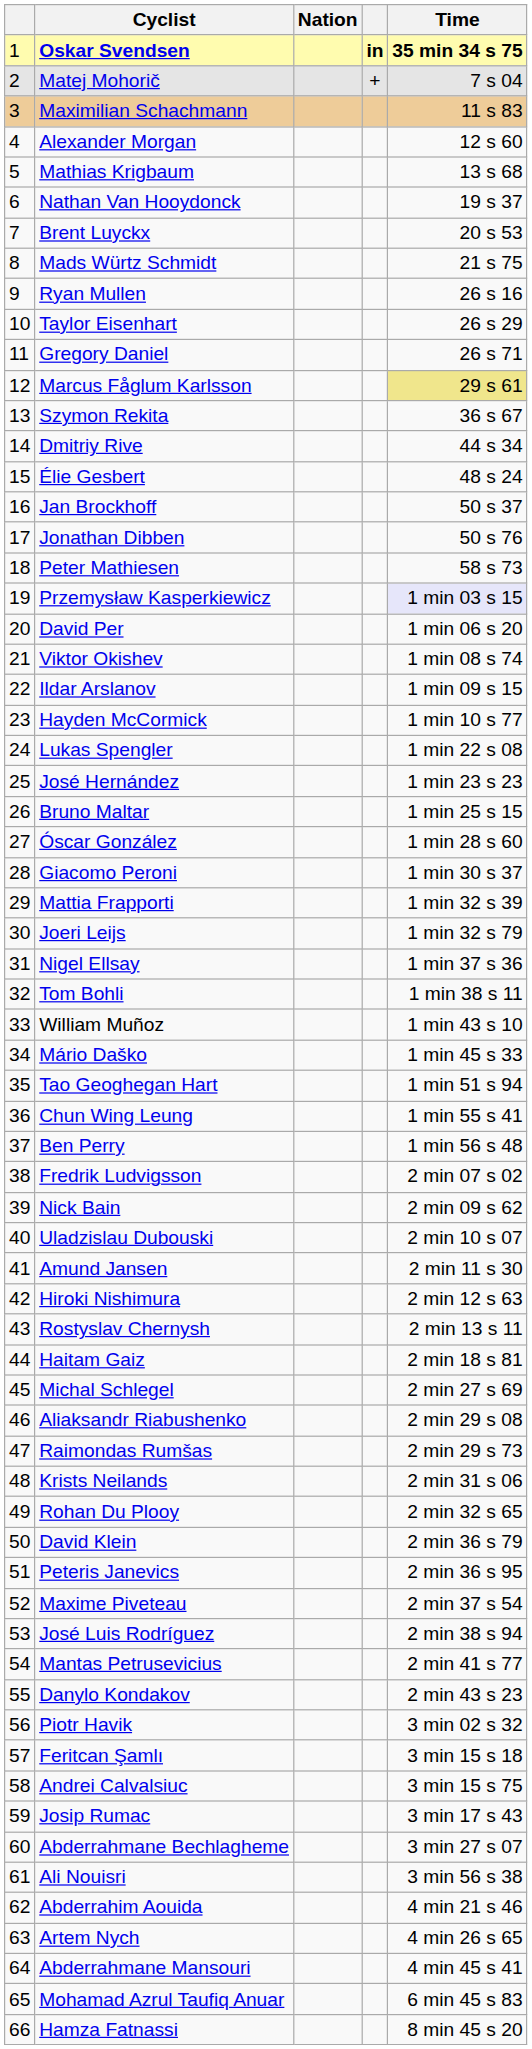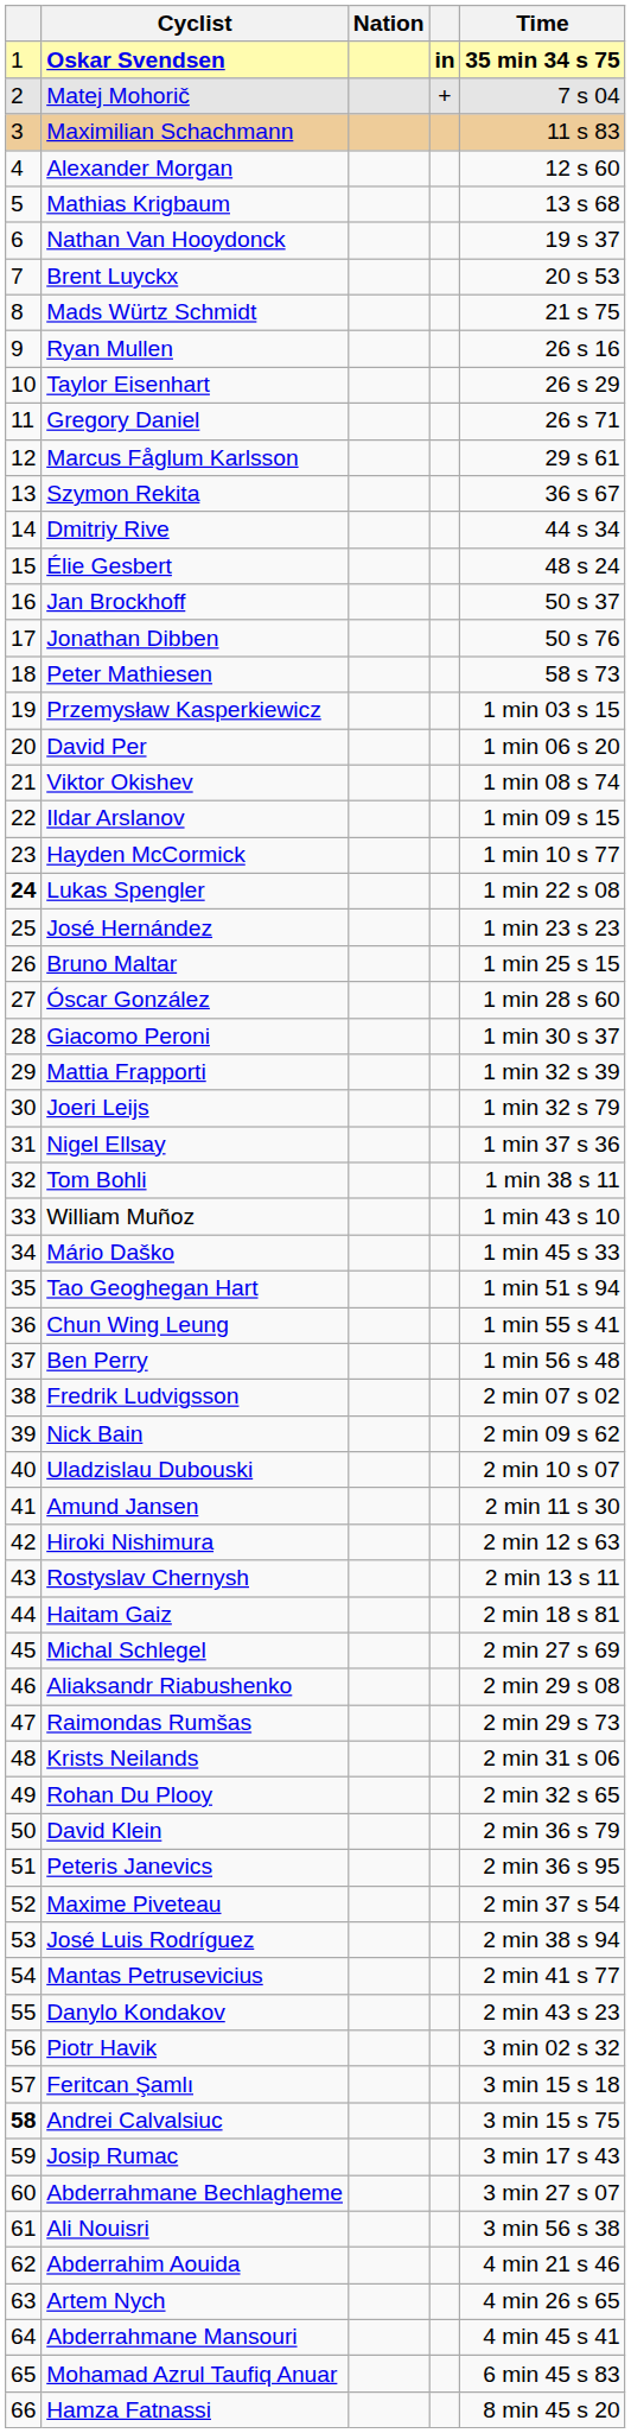 <table class="wikitable">
 <tr>
 <th scope=col></th>
 <th scope=col>Cyclist</th>
 <th scope=col>Nation</th>
 <th scope=col></th>
 <th scope=col>Time</th>
 </tr>
 <tr bgcolor=fffcaf>
 <td>1</td>
 <td><strong><a href='#'>Oskar Svendsen</a></strong></td>
 <td><strong></strong></td>
 <td align=center><strong>in</strong></td>
 <td align=center><strong>35 min 34 s 75</strong></td>
 </tr>
 <tr bgcolor=e5e5e5>
 <td>2</td>
 <td><a href='#'>Matej Mohorič</a></td>
 <td></td>
 <td align=center>+</td>
 <td align=right>7 s 04</td>
 </tr>
 <tr bgcolor=eecc99>
 <td>3</td>
 <td><a href='#'>Maximilian Schachmann</a></td>
 <td></td>
 <td></td>
 <td align=right>11 s 83</td>
 </tr>
 <tr>
 <td>4</td>
 <td><a href='#'>Alexander Morgan</a></td>
 <td></td>
 <td></td>
 <td align=right>12 s 60</td>
 </tr>
 <tr>
 <td>5</td>
 <td><a href='#'>Mathias Krigbaum</a></td>
 <td></td>
 <td></td>
 <td align=right>13 s 68</td>
 </tr>
 <tr>
 <td>6</td>
 <td><a href='#'>Nathan Van Hooydonck</a></td>
 <td></td>
 <td></td>
 <td align=right>19 s 37</td>
 </tr>
 <tr>
 <td>7</td>
 <td><a href='#'>Brent Luyckx</a></td>
 <td></td>
 <td></td>
 <td align=right>20 s 53</td>
 </tr>
 <tr>
 <td>8</td>
 <td><a href='#'>Mads Würtz Schmidt</a></td>
 <td></td>
 <td></td>
 <td align=right>21 s 75</td>
 </tr>
 <tr>
 <td>9</td>
 <td><a href='#'>Ryan Mullen</a></td>
 <td></td>
 <td></td>
 <td align=right>26 s 16</td>
 </tr>
 <tr>
 <td>10</td>
 <td><a href='#'>Taylor Eisenhart</a></td>
 <td></td>
 <td></td>
 <td align=right>26 s 29</td>
 </tr>
 <tr>
 <td>11</td>
 <td><a href='#'>Gregory Daniel</a></td>
 <td></td>
 <td></td>
 <td align=right>26 s 71</td>
 </tr>
 <tr>
 <td>12</td>
 <td><a href='#'>Marcus Fåglum Karlsson</a></td>
 <td></td>
 <td></td>
-<td align=right style="background: khaki;">29 s 61</td>
+<td align=right>29 s 61</td>
 </tr>
 <tr>
 <td>13</td>
 <td><a href='#'>Szymon Rekita</a></td>
 <td></td>
 <td></td>
 <td align=right>36 s 67</td>
 </tr>
 <tr>
 <td>14</td>
 <td><a href='#'>Dmitriy Rive</a></td>
 <td></td>
 <td></td>
 <td align=right>44 s 34</td>
 </tr>
 <tr>
 <td>15</td>
 <td><a href='#'>Élie Gesbert</a></td>
 <td></td>
 <td></td>
 <td align=right>48 s 24</td>
 </tr>
 <tr>
 <td>16</td>
 <td><a href='#'>Jan Brockhoff</a></td>
 <td></td>
 <td></td>
 <td align=right>50 s 37</td>
 </tr>
 <tr>
 <td>17</td>
 <td><a href='#'>Jonathan Dibben</a></td>
 <td></td>
 <td></td>
 <td align=right>50 s 76</td>
 </tr>
 <tr>
 <td>18</td>
 <td><a href='#'>Peter Mathiesen</a></td>
 <td></td>
 <td></td>
 <td align=right>58 s 73</td>
 </tr>
 <tr>
 <td>19</td>
 <td><a href='#'>Przemysław Kasperkiewicz</a></td>
 <td></td>
 <td></td>
-<td align=right style="background: lavender;">1 min 03 s 15</td>
+<td align=right>1 min 03 s 15</td>
 </tr>
 <tr>
 <td>20</td>
 <td><a href='#'>David Per</a></td>
 <td></td>
 <td></td>
 <td align=right>1 min 06 s 20</td>
 </tr>
 <tr>
 <td>21</td>
 <td><a href='#'>Viktor Okishev</a></td>
 <td></td>
 <td></td>
 <td align=right>1 min 08 s 74</td>
 </tr>
 <tr>
 <td>22</td>
 <td><a href='#'>Ildar Arslanov</a></td>
 <td></td>
 <td></td>
 <td align=right>1 min 09 s 15</td>
 </tr>
 <tr>
 <td>23</td>
 <td><a href='#'>Hayden McCormick</a></td>
 <td></td>
 <td></td>
 <td align=right>1 min 10 s 77</td>
 </tr>
 <tr>
-<td>24</td>
+<td><strong>24</strong></td>
 <td><a href='#'>Lukas Spengler</a></td>
 <td></td>
 <td></td>
 <td align=right>1 min 22 s 08</td>
 </tr>
 <tr>
 <td>25</td>
 <td><a href='#'>José Hernández</a></td>
 <td></td>
 <td></td>
 <td align=right>1 min 23 s 23</td>
 </tr>
 <tr>
 <td>26</td>
 <td><a href='#'>Bruno Maltar</a></td>
 <td></td>
 <td></td>
 <td align=right>1 min 25 s 15</td>
 </tr>
 <tr>
 <td>27</td>
 <td><a href='#'>Óscar González</a></td>
 <td></td>
 <td></td>
 <td align=right>1 min 28 s 60</td>
 </tr>
 <tr>
 <td>28</td>
 <td><a href='#'>Giacomo Peroni</a></td>
 <td></td>
 <td></td>
 <td align=right>1 min 30 s 37</td>
 </tr>
 <tr>
 <td>29</td>
 <td><a href='#'>Mattia Frapporti</a></td>
 <td></td>
 <td></td>
 <td align=right>1 min 32 s 39</td>
 </tr>
 <tr>
 <td>30</td>
 <td><a href='#'>Joeri Leijs</a></td>
 <td></td>
 <td></td>
 <td align=right>1 min 32 s 79</td>
 </tr>
 <tr>
 <td>31</td>
 <td><a href='#'>Nigel Ellsay</a></td>
 <td></td>
 <td></td>
 <td align=right>1 min 37 s 36</td>
 </tr>
 <tr>
 <td>32</td>
 <td><a href='#'>Tom Bohli</a></td>
 <td></td>
 <td></td>
 <td align=right>1 min 38 s 11</td>
 </tr>
 <tr>
 <td>33</td>
 <td>William Muñoz</td>
 <td></td>
 <td></td>
 <td align=right>1 min 43 s 10</td>
 </tr>
 <tr>
 <td>34</td>
 <td><a href='#'>Mário Daško</a></td>
 <td></td>
 <td></td>
 <td align=right>1 min 45 s 33</td>
 </tr>
 <tr>
 <td>35</td>
 <td><a href='#'>Tao Geoghegan Hart</a></td>
 <td></td>
 <td></td>
 <td align=right>1 min 51 s 94</td>
 </tr>
 <tr>
 <td>36</td>
 <td><a href='#'>Chun Wing Leung</a></td>
 <td></td>
 <td></td>
 <td align=right>1 min 55 s 41</td>
 </tr>
 <tr>
 <td>37</td>
 <td><a href='#'>Ben Perry</a></td>
 <td></td>
 <td></td>
 <td align=right>1 min 56 s 48</td>
 </tr>
 <tr>
 <td>38</td>
 <td><a href='#'>Fredrik Ludvigsson</a></td>
 <td></td>
 <td></td>
 <td align=right>2 min 07 s 02</td>
 </tr>
 <tr>
 <td>39</td>
 <td><a href='#'>Nick Bain</a></td>
 <td></td>
 <td></td>
 <td align=right>2 min 09 s 62</td>
 </tr>
 <tr>
 <td>40</td>
 <td><a href='#'>Uladzislau Dubouski</a></td>
 <td></td>
 <td></td>
 <td align=right>2 min 10 s 07</td>
 </tr>
 <tr>
 <td>41</td>
 <td><a href='#'>Amund Jansen</a></td>
 <td></td>
 <td></td>
 <td align=right>2 min 11 s 30</td>
 </tr>
 <tr>
 <td>42</td>
 <td><a href='#'>Hiroki Nishimura</a></td>
 <td></td>
 <td></td>
 <td align=right>2 min 12 s 63</td>
 </tr>
 <tr>
 <td>43</td>
 <td><a href='#'>Rostyslav Chernysh</a></td>
 <td></td>
 <td></td>
 <td align=right>2 min 13 s 11</td>
 </tr>
 <tr>
 <td>44</td>
 <td><a href='#'>Haitam Gaiz</a></td>
 <td></td>
 <td></td>
 <td align=right>2 min 18 s 81</td>
 </tr>
 <tr>
 <td>45</td>
 <td><a href='#'>Michal Schlegel</a></td>
 <td></td>
 <td></td>
 <td align=right>2 min 27 s 69</td>
 </tr>
 <tr>
 <td>46</td>
 <td><a href='#'>Aliaksandr Riabushenko</a></td>
 <td></td>
 <td></td>
 <td align=right>2 min 29 s 08</td>
 </tr>
 <tr>
 <td>47</td>
 <td><a href='#'>Raimondas Rumšas</a></td>
 <td></td>
 <td></td>
 <td align=right>2 min 29 s 73</td>
 </tr>
 <tr>
 <td>48</td>
 <td><a href='#'>Krists Neilands</a></td>
 <td></td>
 <td></td>
 <td align=right>2 min 31 s 06</td>
 </tr>
 <tr>
 <td>49</td>
 <td><a href='#'>Rohan Du Plooy</a></td>
 <td></td>
 <td></td>
 <td align=right>2 min 32 s 65</td>
 </tr>
 <tr>
 <td>50</td>
 <td><a href='#'>David Klein</a></td>
 <td></td>
 <td></td>
 <td align=right>2 min 36 s 79</td>
 </tr>
 <tr>
 <td>51</td>
 <td><a href='#'>Peteris Janevics</a></td>
 <td></td>
 <td></td>
 <td align=right>2 min 36 s 95</td>
 </tr>
 <tr>
 <td>52</td>
 <td><a href='#'>Maxime Piveteau</a></td>
 <td></td>
 <td></td>
 <td align=right>2 min 37 s 54</td>
 </tr>
 <tr>
 <td>53</td>
 <td><a href='#'>José Luis Rodríguez</a></td>
 <td></td>
 <td></td>
 <td align=right>2 min 38 s 94</td>
 </tr>
 <tr>
 <td>54</td>
 <td><a href='#'>Mantas Petrusevicius</a></td>
 <td></td>
 <td></td>
 <td align=right>2 min 41 s 77</td>
 </tr>
 <tr>
 <td>55</td>
 <td><a href='#'>Danylo Kondakov</a></td>
 <td></td>
 <td></td>
 <td align=right>2 min 43 s 23</td>
 </tr>
 <tr>
 <td>56</td>
 <td><a href='#'>Piotr Havik</a></td>
 <td></td>
 <td></td>
 <td align=right>3 min 02 s 32</td>
 </tr>
 <tr>
 <td>57</td>
 <td><a href='#'>Feritcan Şamlı</a></td>
 <td></td>
 <td></td>
 <td align=right>3 min 15 s 18</td>
 </tr>
 <tr>
-<td>58</td>
+<td><strong>58</strong></td>
 <td><a href='#'>Andrei Calvalsiuc</a></td>
 <td></td>
 <td></td>
 <td align=right>3 min 15 s 75</td>
 </tr>
 <tr>
 <td>59</td>
 <td><a href='#'>Josip Rumac</a></td>
 <td></td>
 <td></td>
 <td align=right>3 min 17 s 43</td>
 </tr>
 <tr>
 <td>60</td>
 <td><a href='#'>Abderrahmane Bechlagheme</a></td>
 <td></td>
 <td></td>
 <td align=right>3 min 27 s 07</td>
 </tr>
 <tr>
 <td>61</td>
 <td><a href='#'>Ali Nouisri</a></td>
 <td></td>
 <td></td>
 <td align=right>3 min 56 s 38</td>
 </tr>
 <tr>
 <td>62</td>
 <td><a href='#'>Abderrahim Aouida</a></td>
 <td></td>
 <td></td>
 <td align=right>4 min 21 s 46</td>
 </tr>
 <tr>
 <td>63</td>
 <td><a href='#'>Artem Nych</a></td>
 <td></td>
 <td></td>
 <td align=right>4 min 26 s 65</td>
 </tr>
 <tr>
 <td>64</td>
 <td><a href='#'>Abderrahmane Mansouri</a></td>
 <td></td>
 <td></td>
 <td align=right>4 min 45 s 41</td>
 </tr>
 <tr>
 <td>65</td>
 <td><a href='#'>Mohamad Azrul Taufiq Anuar</a></td>
 <td></td>
 <td></td>
 <td align=right>6 min 45 s 83</td>
 </tr>
 <tr>
 <td>66</td>
 <td><a href='#'>Hamza Fatnassi</a></td>
 <td></td>
 <td></td>
 <td align=right>8 min 45 s 20</td>
 </tr>
 </table>
